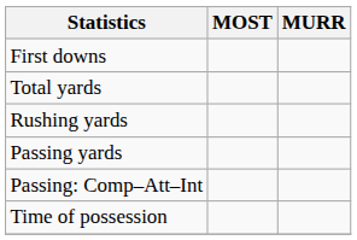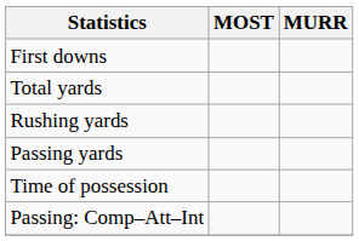 <table class="wikitable" style="float: left;">
 <tr>
 <th>Statistics</th>
 <th>MOST</th>
 <th>MURR</th>
 </tr>
 <tr>
 <td>First downs</td>
 <td></td>
 <td></td>
 </tr>
 <tr>
 <td>Total yards</td>
 <td></td>
 <td></td>
 </tr>
 <tr>
 <td>Rushing yards</td>
 <td></td>
 <td></td>
 </tr>
 <tr>
 <td>Passing yards</td>
 <td></td>
 <td></td>
 </tr>
 <tr>
-<td>Passing: Comp–Att–Int</td>
+<td>Time of possession</td>
 <td></td>
 <td></td>
 </tr>
 <tr>
-<td>Time of possession</td>
+<td>Passing: Comp–Att–Int</td>
 <td></td>
 <td></td>
 </tr>
 <tr>
 </tr>
 </table>
